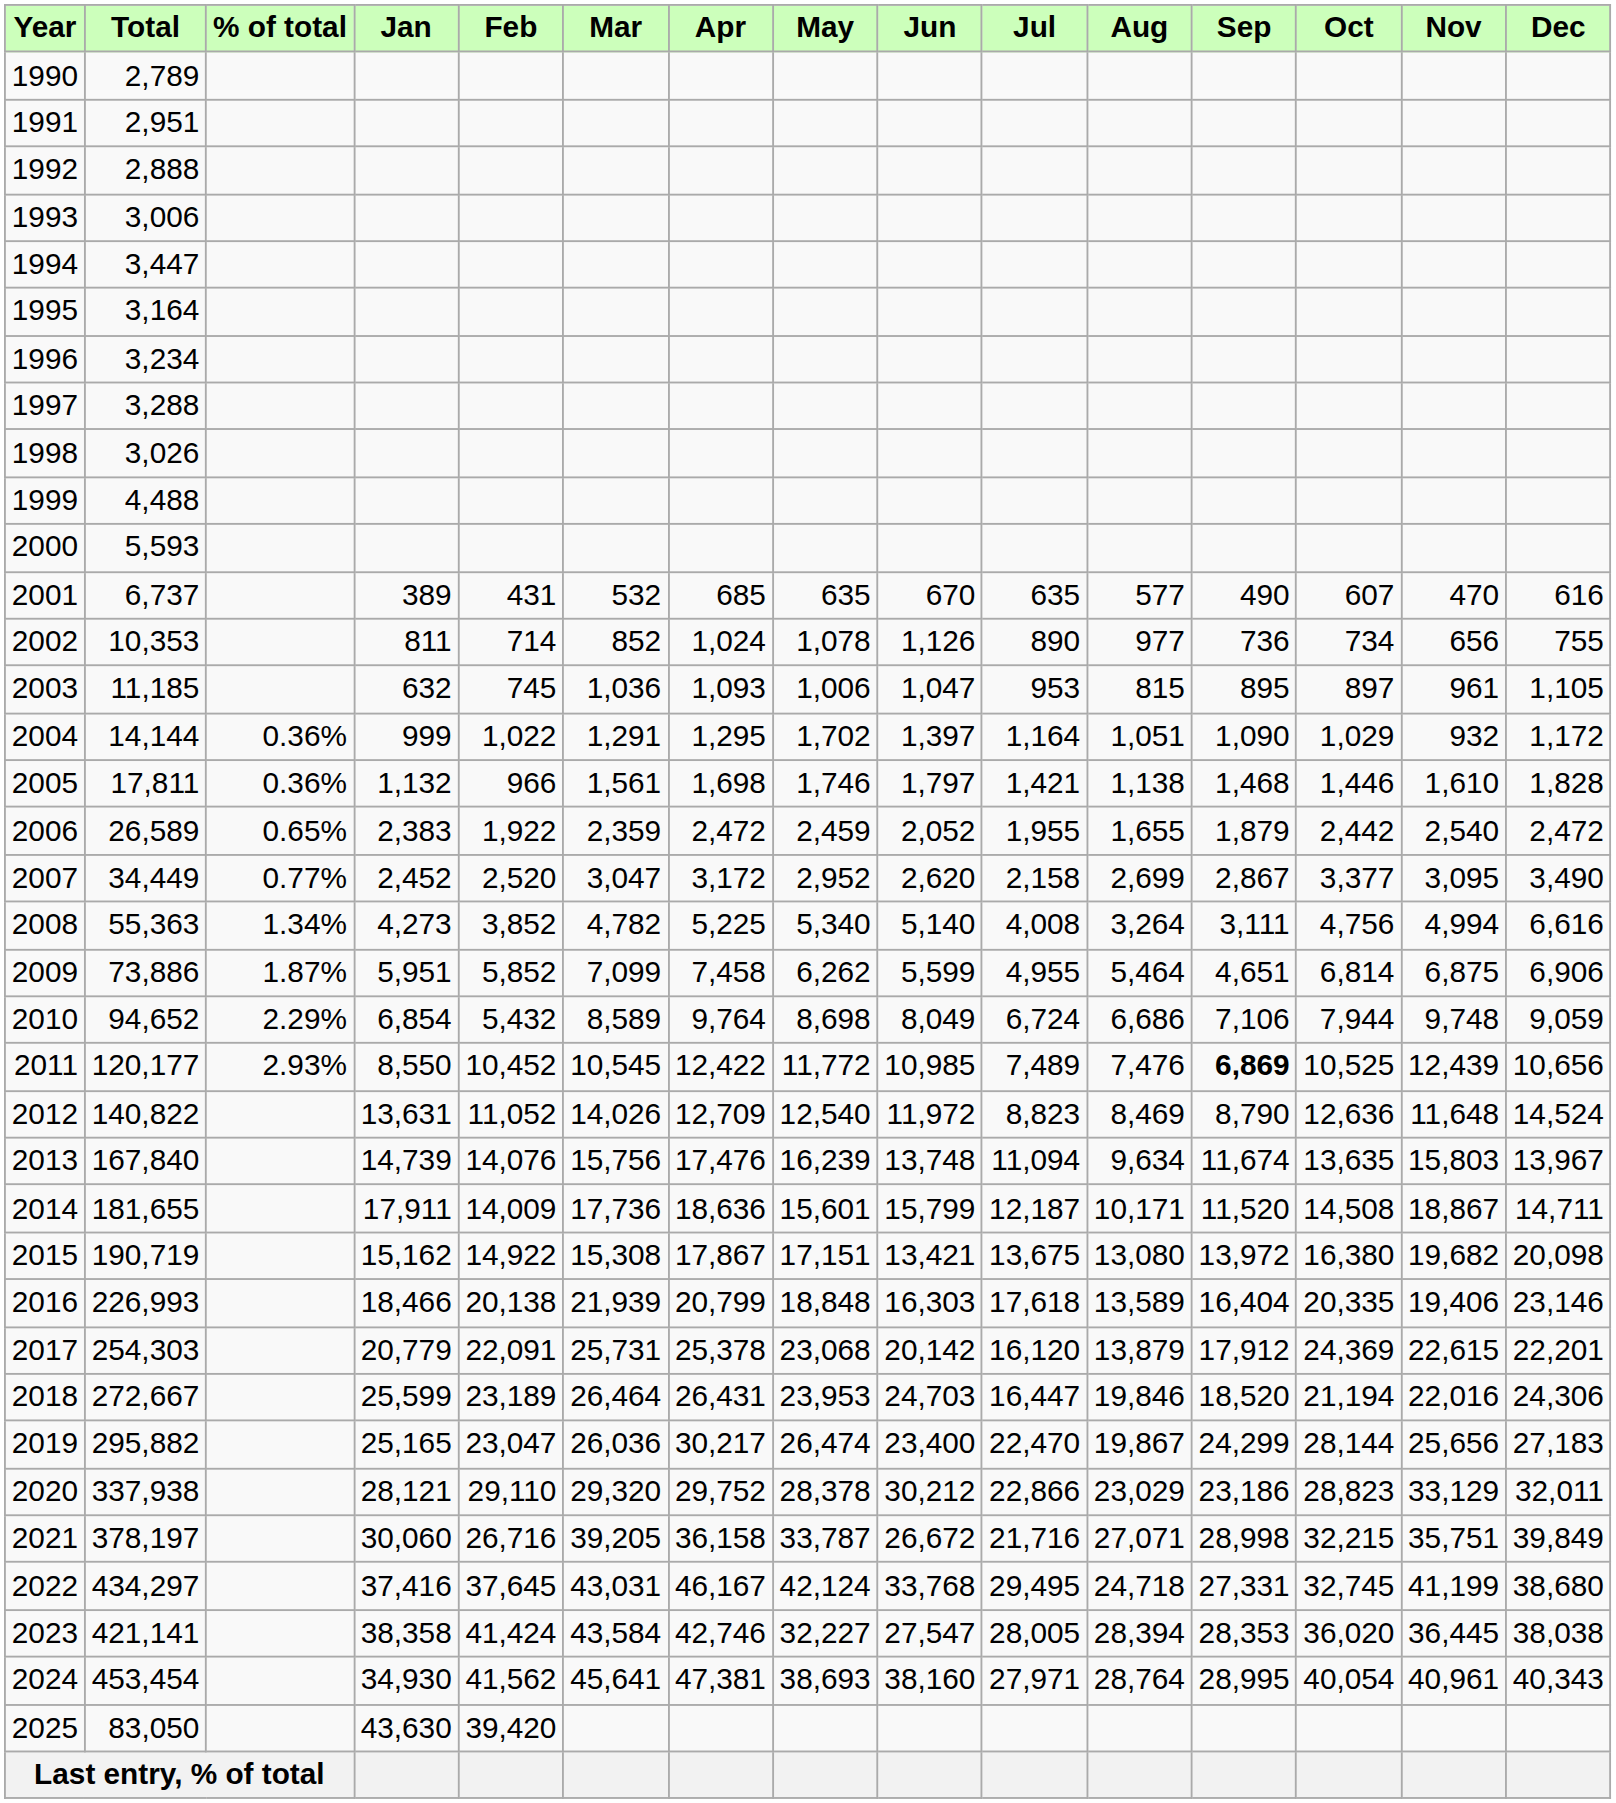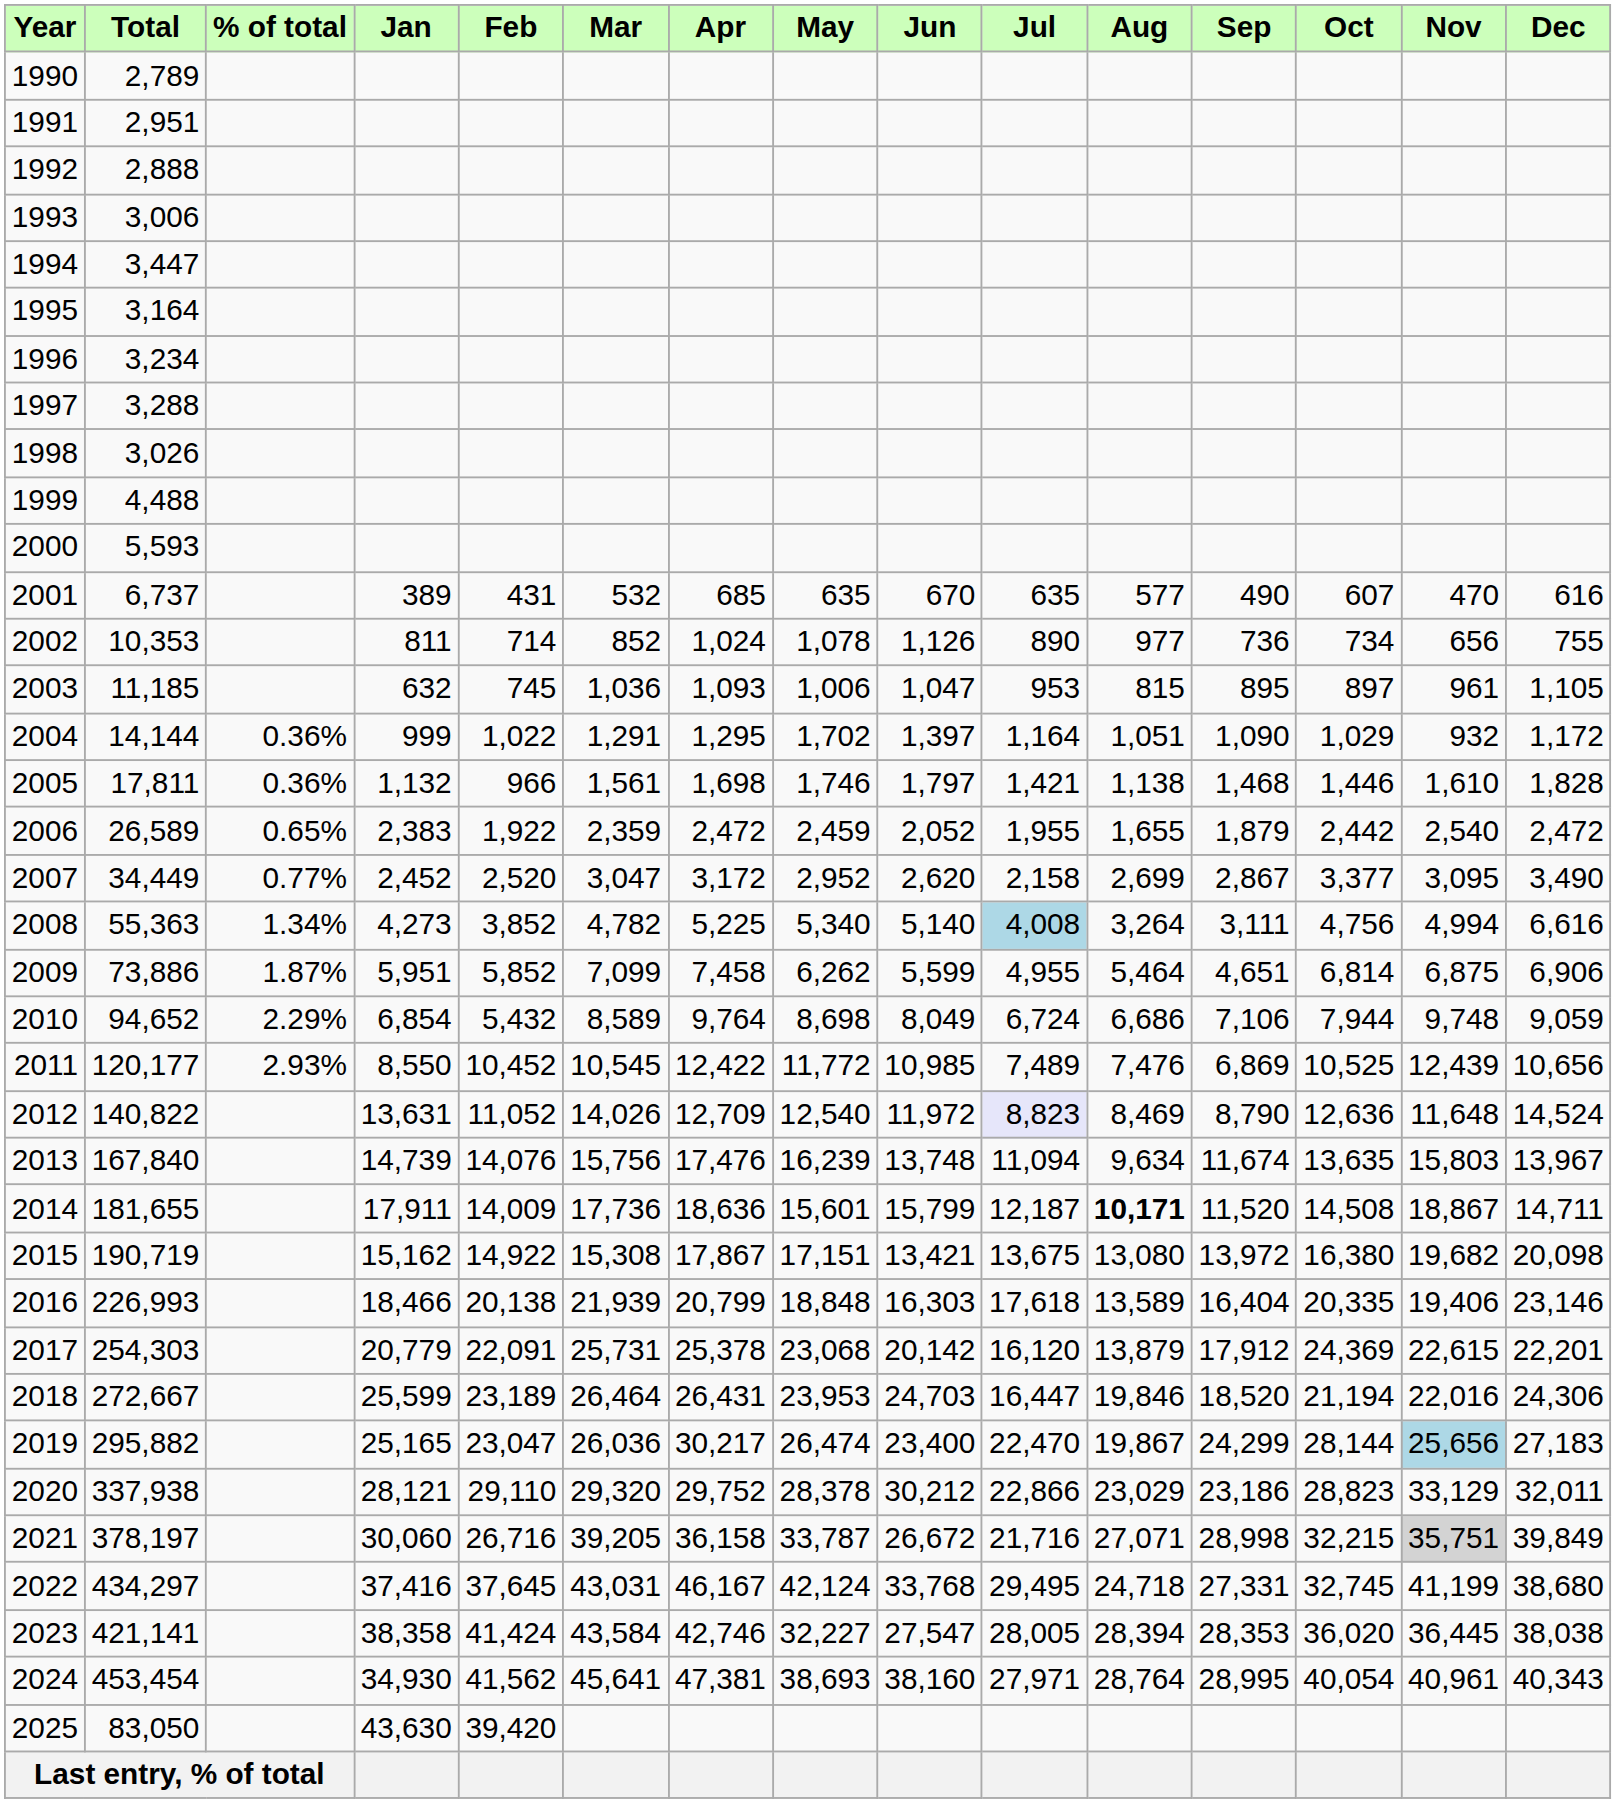 <table class="wikitable sortable" style="text-align:right;">
 <tr>
 <th style="background:#cfb;">Year</th>
 <th style="background:#cfb;">Total</th>
 <th style="background:#cfb;">% of total</th>
 <th style="background:#cfb;">Jan</th>
 <th style="background:#cfb;">Feb</th>
 <th style="background:#cfb;">Mar</th>
 <th style="background:#cfb;">Apr</th>
 <th style="background:#cfb;">May</th>
 <th style="background:#cfb;">Jun</th>
 <th style="background:#cfb;">Jul</th>
 <th style="background:#cfb;">Aug</th>
 <th style="background:#cfb;">Sep</th>
 <th style="background:#cfb;">Oct</th>
 <th style="background:#cfb;">Nov</th>
 <th style="background:#cfb;">Dec</th>
 </tr>
 <tr>
 <td>1990</td>
 <td>2,789</td>
 <td></td>
 <td></td>
 <td></td>
 <td></td>
 <td></td>
 <td></td>
 <td></td>
 <td></td>
 <td></td>
 <td></td>
 <td></td>
 <td></td>
 <td></td>
 </tr>
 <tr>
 <td>1991</td>
 <td>2,951</td>
 <td></td>
 <td></td>
 <td></td>
 <td></td>
 <td></td>
 <td></td>
 <td></td>
 <td></td>
 <td></td>
 <td></td>
 <td></td>
 <td></td>
 <td></td>
 </tr>
 <tr>
 <td>1992</td>
 <td>2,888</td>
 <td></td>
 <td></td>
 <td></td>
 <td></td>
 <td></td>
 <td></td>
 <td></td>
 <td></td>
 <td></td>
 <td></td>
 <td></td>
 <td></td>
 <td></td>
 </tr>
 <tr>
 <td>1993</td>
 <td>3,006</td>
 <td></td>
 <td></td>
 <td></td>
 <td></td>
 <td></td>
 <td></td>
 <td></td>
 <td></td>
 <td></td>
 <td></td>
 <td></td>
 <td></td>
 <td></td>
 </tr>
 <tr>
 <td>1994</td>
 <td>3,447</td>
 <td></td>
 <td></td>
 <td></td>
 <td></td>
 <td></td>
 <td></td>
 <td></td>
 <td></td>
 <td></td>
 <td></td>
 <td></td>
 <td></td>
 <td></td>
 </tr>
 <tr>
 <td>1995</td>
 <td>3,164</td>
 <td></td>
 <td></td>
 <td></td>
 <td></td>
 <td></td>
 <td></td>
 <td></td>
 <td></td>
 <td></td>
 <td></td>
 <td></td>
 <td></td>
 <td></td>
 </tr>
 <tr>
 <td>1996</td>
 <td>3,234</td>
 <td></td>
 <td></td>
 <td></td>
 <td></td>
 <td></td>
 <td></td>
 <td></td>
 <td></td>
 <td></td>
 <td></td>
 <td></td>
 <td></td>
 <td></td>
 </tr>
 <tr>
 <td>1997</td>
 <td>3,288</td>
 <td></td>
 <td></td>
 <td></td>
 <td></td>
 <td></td>
 <td></td>
 <td></td>
 <td></td>
 <td></td>
 <td></td>
 <td></td>
 <td></td>
 <td></td>
 </tr>
 <tr>
 <td>1998</td>
 <td>3,026</td>
 <td></td>
 <td></td>
 <td></td>
 <td></td>
 <td></td>
 <td></td>
 <td></td>
 <td></td>
 <td></td>
 <td></td>
 <td></td>
 <td></td>
 <td></td>
 </tr>
 <tr>
 <td>1999</td>
 <td>4,488</td>
 <td></td>
 <td></td>
 <td></td>
 <td></td>
 <td></td>
 <td></td>
 <td></td>
 <td></td>
 <td></td>
 <td></td>
 <td></td>
 <td></td>
 <td></td>
 </tr>
 <tr>
 <td>2000</td>
 <td>5,593</td>
 <td></td>
 <td></td>
 <td></td>
 <td></td>
 <td></td>
 <td></td>
 <td></td>
 <td></td>
 <td></td>
 <td></td>
 <td></td>
 <td></td>
 <td></td>
 </tr>
 <tr>
 <td>2001</td>
 <td>6,737</td>
 <td></td>
 <td>389</td>
 <td>431</td>
 <td>532</td>
 <td>685</td>
 <td>635</td>
 <td>670</td>
 <td>635</td>
 <td>577</td>
 <td>490</td>
 <td>607</td>
 <td>470</td>
 <td>616</td>
 </tr>
 <tr>
 <td>2002</td>
 <td>10,353</td>
 <td></td>
 <td>811</td>
 <td>714</td>
 <td>852</td>
 <td>1,024</td>
 <td>1,078</td>
 <td>1,126</td>
 <td>890</td>
 <td>977</td>
 <td>736</td>
 <td>734</td>
 <td>656</td>
 <td>755</td>
 </tr>
 <tr>
 <td>2003</td>
 <td>11,185</td>
 <td></td>
 <td>632</td>
 <td>745</td>
 <td>1,036</td>
 <td>1,093</td>
 <td>1,006</td>
 <td>1,047</td>
 <td>953</td>
 <td>815</td>
 <td>895</td>
 <td>897</td>
 <td>961</td>
 <td>1,105</td>
 </tr>
 <tr>
 <td>2004</td>
 <td>14,144</td>
 <td>0.36%</td>
 <td>999</td>
 <td>1,022</td>
 <td>1,291</td>
 <td>1,295</td>
 <td>1,702</td>
 <td>1,397</td>
 <td>1,164</td>
 <td>1,051</td>
 <td>1,090</td>
 <td>1,029</td>
 <td>932</td>
 <td>1,172</td>
 </tr>
 <tr>
 <td>2005</td>
 <td>17,811</td>
 <td>0.36%</td>
 <td>1,132</td>
 <td>966</td>
 <td>1,561</td>
 <td>1,698</td>
 <td>1,746</td>
 <td>1,797</td>
 <td>1,421</td>
 <td>1,138</td>
 <td>1,468</td>
 <td>1,446</td>
 <td>1,610</td>
 <td>1,828</td>
 </tr>
 <tr>
 <td>2006</td>
 <td>26,589</td>
 <td>0.65%</td>
 <td>2,383</td>
 <td>1,922</td>
 <td>2,359</td>
 <td>2,472</td>
 <td>2,459</td>
 <td>2,052</td>
 <td>1,955</td>
 <td>1,655</td>
 <td>1,879</td>
 <td>2,442</td>
 <td>2,540</td>
 <td>2,472</td>
 </tr>
 <tr>
 <td>2007</td>
 <td>34,449</td>
 <td>0.77%</td>
 <td>2,452</td>
 <td>2,520</td>
 <td>3,047</td>
 <td>3,172</td>
 <td>2,952</td>
 <td>2,620</td>
 <td>2,158</td>
 <td>2,699</td>
 <td>2,867</td>
 <td>3,377</td>
 <td>3,095</td>
 <td>3,490</td>
 </tr>
 <tr>
 <td>2008</td>
 <td>55,363</td>
 <td>1.34%</td>
 <td>4,273</td>
 <td>3,852</td>
 <td>4,782</td>
 <td>5,225</td>
 <td>5,340</td>
 <td>5,140</td>
-<td>4,008</td>
+<td style="background: lightblue;">4,008</td>
 <td>3,264</td>
 <td>3,111</td>
 <td>4,756</td>
 <td>4,994</td>
 <td>6,616</td>
 </tr>
 <tr>
 <td>2009</td>
 <td>73,886</td>
 <td>1.87%</td>
 <td>5,951</td>
 <td>5,852</td>
 <td>7,099</td>
 <td>7,458</td>
 <td>6,262</td>
 <td>5,599</td>
 <td>4,955</td>
 <td>5,464</td>
 <td>4,651</td>
 <td>6,814</td>
 <td>6,875</td>
 <td>6,906</td>
 </tr>
 <tr>
 <td>2010</td>
 <td>94,652</td>
 <td>2.29%</td>
 <td>6,854</td>
 <td>5,432</td>
 <td>8,589</td>
 <td>9,764</td>
 <td>8,698</td>
 <td>8,049</td>
 <td>6,724</td>
 <td>6,686</td>
 <td>7,106</td>
 <td>7,944</td>
 <td>9,748</td>
 <td>9,059</td>
 </tr>
 <tr>
 <td>2011</td>
 <td>120,177</td>
 <td>2.93%</td>
 <td>8,550</td>
 <td>10,452</td>
 <td>10,545</td>
 <td>12,422</td>
 <td>11,772</td>
 <td>10,985</td>
 <td>7,489</td>
 <td>7,476</td>
-<td><strong>6,869</strong></td>
+<td>6,869</td>
 <td>10,525</td>
 <td>12,439</td>
 <td>10,656</td>
 </tr>
 <tr>
 <td>2012</td>
 <td>140,822</td>
 <td></td>
 <td>13,631</td>
 <td>11,052</td>
 <td>14,026</td>
 <td>12,709</td>
 <td>12,540</td>
 <td>11,972</td>
-<td>8,823</td>
+<td style="background: lavender;">8,823</td>
 <td>8,469</td>
 <td>8,790</td>
 <td>12,636</td>
 <td>11,648</td>
 <td>14,524</td>
 </tr>
 <tr>
 <td>2013</td>
 <td>167,840</td>
 <td></td>
 <td>14,739</td>
 <td>14,076</td>
 <td>15,756</td>
 <td>17,476</td>
 <td>16,239</td>
 <td>13,748</td>
 <td>11,094</td>
 <td>9,634</td>
 <td>11,674</td>
 <td>13,635</td>
 <td>15,803</td>
 <td>13,967</td>
 </tr>
 <tr>
 <td>2014</td>
 <td>181,655</td>
 <td></td>
 <td>17,911</td>
 <td>14,009</td>
 <td>17,736</td>
 <td>18,636</td>
 <td>15,601</td>
 <td>15,799</td>
 <td>12,187</td>
-<td>10,171</td>
+<td><strong>10,171</strong></td>
 <td>11,520</td>
 <td>14,508</td>
 <td>18,867</td>
 <td>14,711</td>
 </tr>
 <tr>
 <td>2015</td>
 <td>190,719</td>
 <td></td>
 <td>15,162</td>
 <td>14,922</td>
 <td>15,308</td>
 <td>17,867</td>
 <td>17,151</td>
 <td>13,421</td>
 <td>13,675</td>
 <td>13,080</td>
 <td>13,972</td>
 <td>16,380</td>
 <td>19,682</td>
 <td>20,098</td>
 </tr>
 <tr>
 <td>2016</td>
 <td>226,993</td>
 <td></td>
 <td>18,466</td>
 <td>20,138</td>
 <td>21,939</td>
 <td>20,799</td>
 <td>18,848</td>
 <td>16,303</td>
 <td>17,618</td>
 <td>13,589</td>
 <td>16,404</td>
 <td>20,335</td>
 <td>19,406</td>
 <td>23,146</td>
 </tr>
 <tr>
 <td>2017</td>
 <td>254,303</td>
 <td></td>
 <td>20,779</td>
 <td>22,091</td>
 <td>25,731</td>
 <td>25,378</td>
 <td>23,068</td>
 <td>20,142</td>
 <td>16,120</td>
 <td>13,879</td>
 <td>17,912</td>
 <td>24,369</td>
 <td>22,615</td>
 <td>22,201</td>
 </tr>
 <tr>
 <td>2018</td>
 <td>272,667</td>
 <td></td>
 <td>25,599</td>
 <td>23,189</td>
 <td>26,464</td>
 <td>26,431</td>
 <td>23,953</td>
 <td>24,703</td>
 <td>16,447</td>
 <td>19,846</td>
 <td>18,520</td>
 <td>21,194</td>
 <td>22,016</td>
 <td>24,306</td>
 </tr>
 <tr>
 <td>2019</td>
 <td>295,882</td>
 <td></td>
 <td>25,165</td>
 <td>23,047</td>
 <td>26,036</td>
 <td>30,217</td>
 <td>26,474</td>
 <td>23,400</td>
 <td>22,470</td>
 <td>19,867</td>
 <td>24,299</td>
 <td>28,144</td>
-<td>25,656</td>
+<td style="background: lightblue;">25,656</td>
 <td>27,183</td>
 </tr>
 <tr>
 <td>2020</td>
 <td>337,938</td>
 <td></td>
 <td>28,121</td>
 <td>29,110</td>
 <td>29,320</td>
 <td>29,752</td>
 <td>28,378</td>
 <td>30,212</td>
 <td>22,866</td>
 <td>23,029</td>
 <td>23,186</td>
 <td>28,823</td>
 <td>33,129</td>
 <td>32,011</td>
 </tr>
 <tr>
 <td>2021</td>
 <td>378,197</td>
 <td></td>
 <td>30,060</td>
 <td>26,716</td>
 <td>39,205</td>
 <td>36,158</td>
 <td>33,787</td>
 <td>26,672</td>
 <td>21,716</td>
 <td>27,071</td>
 <td>28,998</td>
 <td>32,215</td>
-<td>35,751</td>
+<td style="background: lightgrey;">35,751</td>
 <td>39,849</td>
 </tr>
 <tr>
 <td>2022</td>
 <td>434,297</td>
 <td></td>
 <td>37,416</td>
 <td>37,645</td>
 <td>43,031</td>
 <td>46,167</td>
 <td>42,124</td>
 <td>33,768</td>
 <td>29,495</td>
 <td>24,718</td>
 <td>27,331</td>
 <td>32,745</td>
 <td>41,199</td>
 <td>38,680</td>
 </tr>
 <tr>
 <td>2023</td>
 <td>421,141</td>
 <td></td>
 <td>38,358</td>
 <td>41,424</td>
 <td>43,584</td>
 <td>42,746</td>
 <td>32,227</td>
 <td>27,547</td>
 <td>28,005</td>
 <td>28,394</td>
 <td>28,353</td>
 <td>36,020</td>
 <td>36,445</td>
 <td>38,038</td>
 </tr>
 <tr>
 <td>2024</td>
 <td>453,454</td>
 <td></td>
 <td>34,930</td>
 <td>41,562</td>
 <td>45,641</td>
 <td>47,381</td>
 <td>38,693</td>
 <td>38,160</td>
 <td>27,971</td>
 <td>28,764</td>
 <td>28,995</td>
 <td>40,054</td>
 <td>40,961</td>
 <td>40,343</td>
 </tr>
 <tr>
 <td>2025</td>
 <td>83,050</td>
 <td></td>
 <td>43,630</td>
 <td>39,420</td>
 <td></td>
 <td></td>
 <td></td>
 <td></td>
 <td></td>
 <td></td>
 <td></td>
 <td></td>
 <td></td>
 <td></td>
 </tr>
 <tr>
 <th colspan="3">Last entry, % of total</th>
 <th></th>
 <th></th>
 <th></th>
 <th></th>
 <th></th>
 <th></th>
 <th></th>
 <th></th>
 <th></th>
 <th></th>
 <th></th>
 <th></th>
 </tr>
 </table>
